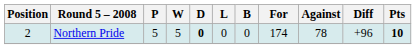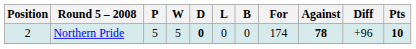 <table class="wikitable" style="text-align:center; font-size:85%;">
 <tr>
 <th width=40 abbr="Position">Position</th>
 <th width=100>Round 5 – 2008</th>
 <th width=20 abbr="Played">P</th>
 <th width=20 abbr="Won">W</th>
 <th width=20 abbr="Drawn">D</th>
 <th width=20 abbr="Lost">L</th>
 <th width=20 abbr="Bye">B</th>
 <th width=40 abbr="Points for">For</th>
 <th width=40 abbr="Points against">Against</th>
 <th width=40 abbr="Points difference">Diff</th>
 <th width=25 abbr="Points">Pts</th>
 </tr>
 <tr style="background: #d7ebed;">
 <td>2</td>
 <td style="text-align:left;"> <a href='#'>Northern Pride</a></td>
 <td>5</td>
 <td>5</td>
 <td><strong>0</strong></td>
 <td>0</td>
 <td>0</td>
 <td>174</td>
-<td>78</td>
+<td><strong>78</strong></td>
 <td>+96</td>
 <td><strong>10</strong></td>
 </tr>
 <tr>
 </tr>
 </table>
